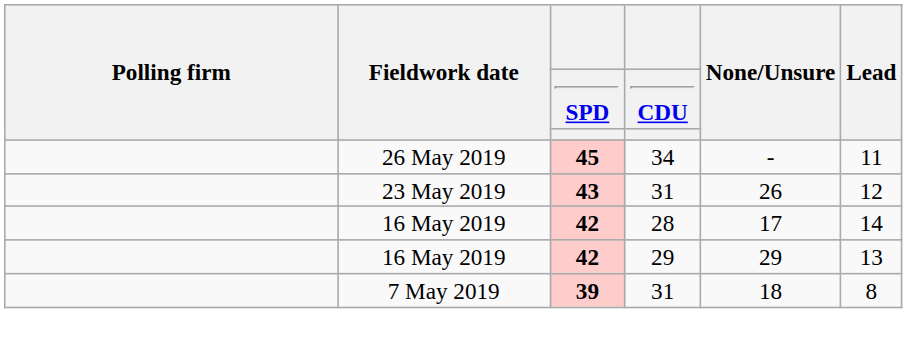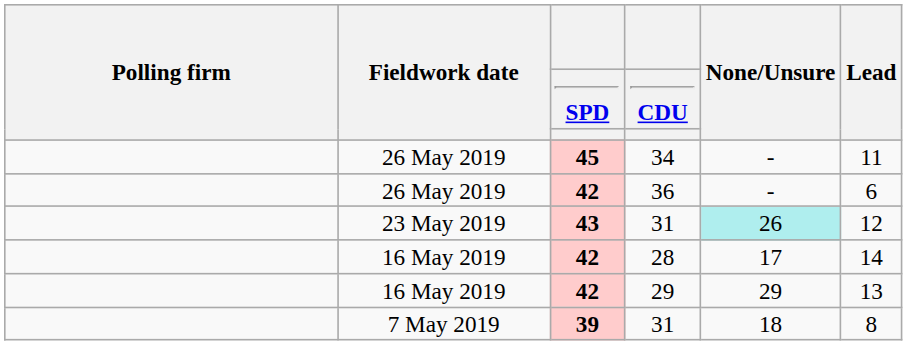 <table class="wikitable sortable" style="text-align:center;font-size:90%;line-height:14px;">
 <tr style="height:40px;">
 <th style="width:200px;" rowspan="3">Polling firm</th>
 <th style="width:125px;" rowspan="3">Fieldwork date</th>
 <th class="unsortable" style="width:40px;"></th>
 <th class="unsortable" style="width:40px;"></th>
 <th class="unsortable" style="width:40px;" rowspan="3">None/Unsure</th>
 <th style="width:30px;" rowspan="3">Lead</th>
 </tr>
 <tr>
 <th class="unsortable" style="width:40px;"><hr><a href='#'>SPD</a></th>
 <th class="unsortable" style="width:40px;"><hr><a href='#'>CDU</a></th>
 </tr>
 <tr>
 <th style="background:"></th>
 <th style="background:"></th>
 </tr>
 <tr>
 <td></td>
 <td data-sort-value="2019-05-26">26 May 2019</td>
 <td style="background:#FFCCCC"><strong>45</strong></td>
 <td>34</td>
 <td>-</td>
 <td style="background:">11</td>
 </tr>
 <tr>
 <td></td>
+<td data-sort-value="2019-05-26">26 May 2019</td>
+<td style="background:#FFCCCC"><strong>42</strong></td>
+<td>36</td>
+<td>-</td>
+<td style="background:">6</td>
+</tr>
+<tr>
+<td></td>
 <td data-sort-value="2019-05-23">23 May 2019</td>
 <td style="background:#FFCCCC"><strong>43</strong></td>
 <td>31</td>
-<td>26</td>
+<td style="background: paleturquoise;">26</td>
 <td style="background:">12</td>
 </tr>
 <tr>
 <td></td>
 <td data-sort-value="2019-05-16">16 May 2019</td>
 <td style="background:#FFCCCC"><strong>42</strong></td>
 <td>28</td>
 <td>17</td>
 <td style="background:">14</td>
 </tr>
 <tr>
 <td></td>
 <td data-sort-value="2019-05-16">16 May 2019</td>
 <td style="background:#FFCCCC"><strong>42</strong></td>
 <td>29</td>
 <td>29</td>
 <td style="background:">13</td>
 </tr>
 <tr>
 <td> </td>
 <td data-sort-value="2019-05-07">7 May 2019</td>
 <td style="background:#FFCCCC"><strong>39</strong></td>
 <td>31</td>
 <td>18</td>
 <td style="background:">8</td>
 </tr>
 </table>
